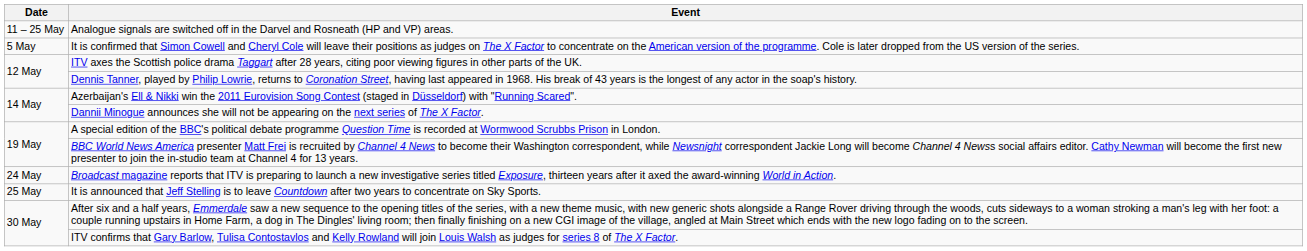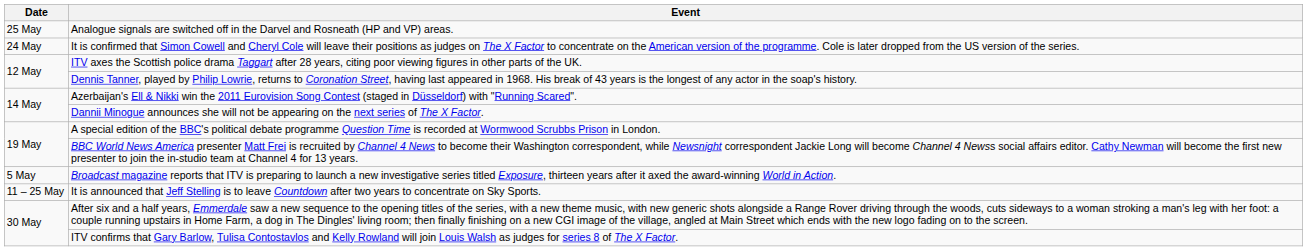 <table class="wikitable">
 <tr>
 <th width=90>Date</th>
 <th>Event</th>
 </tr>
 <tr>
-<td>11 – 25 May</td>
+<td>25 May</td>
 <td>Analogue signals are switched off in the Darvel and Rosneath (HP and VP) areas.</td>
 </tr>
 <tr>
-<td>5 May</td>
+<td>24 May</td>
 <td>It is confirmed that <a href='#'>Simon Cowell</a> and <a href='#'>Cheryl Cole</a> will leave their positions as judges on <em><a href='#'>The X Factor</a></em> to concentrate on the <a href='#'>American version of the programme</a>. Cole is later dropped from the US version of the series.</td>
 </tr>
 <tr>
 <td rowspan=2>12 May</td>
 <td><a href='#'>ITV</a> axes the Scottish police drama <em><a href='#'>Taggart</a></em> after 28 years, citing poor viewing figures in other parts of the UK.</td>
 </tr>
 <tr>
 <td><a href='#'>Dennis Tanner</a>, played by <a href='#'>Philip Lowrie</a>, returns to <em><a href='#'>Coronation Street</a></em>, having last appeared in 1968. His break of 43 years is the longest of any actor in the soap's history.</td>
 </tr>
 <tr>
 <td rowspan=2>14 May</td>
 <td>Azerbaijan's <a href='#'>Ell & Nikki</a> win the <a href='#'>2011 Eurovision Song Contest</a> (staged in <a href='#'>Düsseldorf</a>) with "<a href='#'>Running Scared</a>".</td>
 </tr>
 <tr>
 <td><a href='#'>Dannii Minogue</a> announces she will not be appearing on the <a href='#'>next series</a> of <a href='#'><em>The X Factor</em></a>.</td>
 </tr>
 <tr>
 <td rowspan=2>19 May</td>
 <td>A special edition of the <a href='#'>BBC</a>'s political debate programme <em><a href='#'>Question Time</a></em> is recorded at <a href='#'>Wormwood Scrubbs Prison</a> in London.</td>
 </tr>
 <tr>
 <td><em><a href='#'>BBC World News America</a></em> presenter <a href='#'>Matt Frei</a> is recruited by <em><a href='#'>Channel 4 News</a></em> to become their Washington correspondent, while <em><a href='#'>Newsnight</a></em> correspondent Jackie Long will become <em>Channel 4 News</em>s social affairs editor. <a href='#'>Cathy Newman</a> will become the first new presenter to join the in-studio team at Channel 4 for 13 years.</td>
 </tr>
 <tr>
-<td>24 May</td>
+<td>5 May</td>
 <td><a href='#'><em>Broadcast</em> magazine</a> reports that ITV is preparing to launch a new investigative series titled <em><a href='#'>Exposure</a></em>, thirteen years after it axed the award-winning <em><a href='#'>World in Action</a></em>.</td>
 </tr>
 <tr>
-<td>25 May</td>
+<td>11 – 25 May</td>
 <td>It is announced that <a href='#'>Jeff Stelling</a> is to leave <em><a href='#'>Countdown</a></em> after two years to concentrate on Sky Sports.</td>
 </tr>
 <tr>
 <td rowspan=2>30 May</td>
 <td>After six and a half years, <em><a href='#'>Emmerdale</a></em> saw a new sequence to the opening titles of the series, with a new theme music, with new generic shots alongside a Range Rover driving through the woods, cuts sideways to a woman stroking a man's leg with her foot: a couple running upstairs in Home Farm, a dog in The Dingles' living room; then finally finishing on a new CGI image of the village, angled at Main Street which ends with the new logo fading on to the screen.</td>
 </tr>
 <tr>
 <td>ITV confirms that <a href='#'>Gary Barlow</a>, <a href='#'>Tulisa Contostavlos</a> and <a href='#'>Kelly Rowland</a> will join <a href='#'>Louis Walsh</a> as judges for <a href='#'>series 8</a> of <em><a href='#'>The X Factor</a></em>.</td>
 </tr>
 </table>
